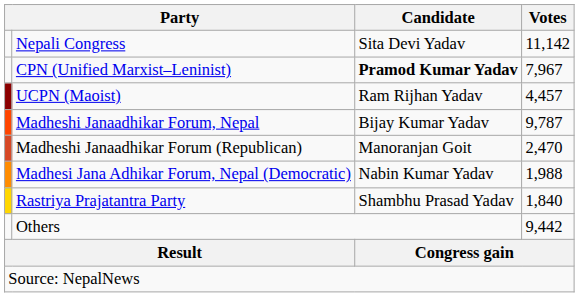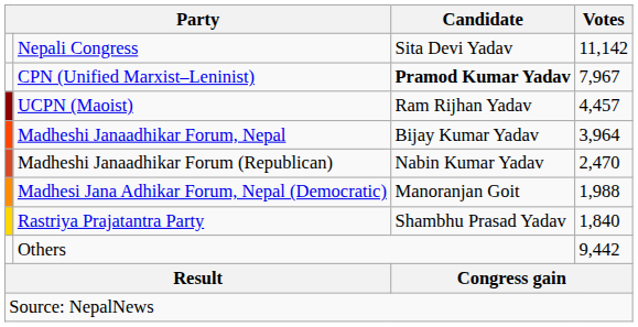 <table class="wikitable">
 <tr>
 <th colspan="2">Party</th>
 <th>Candidate</th>
 <th>Votes</th>
 </tr>
 <tr>
 <td style="background-color:"></td>
 <td><a href='#'>Nepali Congress</a></td>
 <td>Sita Devi Yadav</td>
 <td>11,142</td>
 </tr>
 <tr>
 <td style="background-color:"></td>
 <td><a href='#'>CPN (Unified Marxist–Leninist)</a></td>
 <td><strong>Pramod Kumar Yadav</strong></td>
 <td>7,967</td>
 </tr>
 <tr>
 <td style="background-color:darkred"></td>
 <td><a href='#'>UCPN (Maoist)</a></td>
 <td>Ram Rijhan Yadav</td>
 <td>4,457</td>
 </tr>
 <tr>
 <td style="background-color:orangered"></td>
 <td><a href='#'>Madheshi Janaadhikar Forum, Nepal</a></td>
 <td>Bijay Kumar Yadav</td>
-<td>9,787</td>
+<td>3,964</td>
 </tr>
 <tr>
 <td style="background-color:#D74826"></td>
 <td>Madheshi Janaadhikar Forum (Republican)</td>
-<td>Manoranjan Goit</td>
+<td>Nabin Kumar Yadav</td>
 <td>2,470</td>
 </tr>
 <tr>
 <td style="background-color:darkorange"></td>
 <td><a href='#'>Madhesi Jana Adhikar Forum, Nepal (Democratic)</a></td>
-<td>Nabin Kumar Yadav</td>
+<td>Manoranjan Goit</td>
 <td>1,988</td>
 </tr>
 <tr>
 <td style="background-color:gold"></td>
 <td><a href='#'>Rastriya Prajatantra Party</a></td>
 <td>Shambhu Prasad Yadav</td>
 <td>1,840</td>
 </tr>
 <tr>
 <td></td>
 <td colspan="2">Others</td>
 <td>9,442</td>
 </tr>
 <tr>
 <th colspan="2">Result</th>
 <th colspan="2">Congress gain</th>
 </tr>
 <tr>
 <td colspan="4">Source: NepalNews</td>
 </tr>
 </table>
